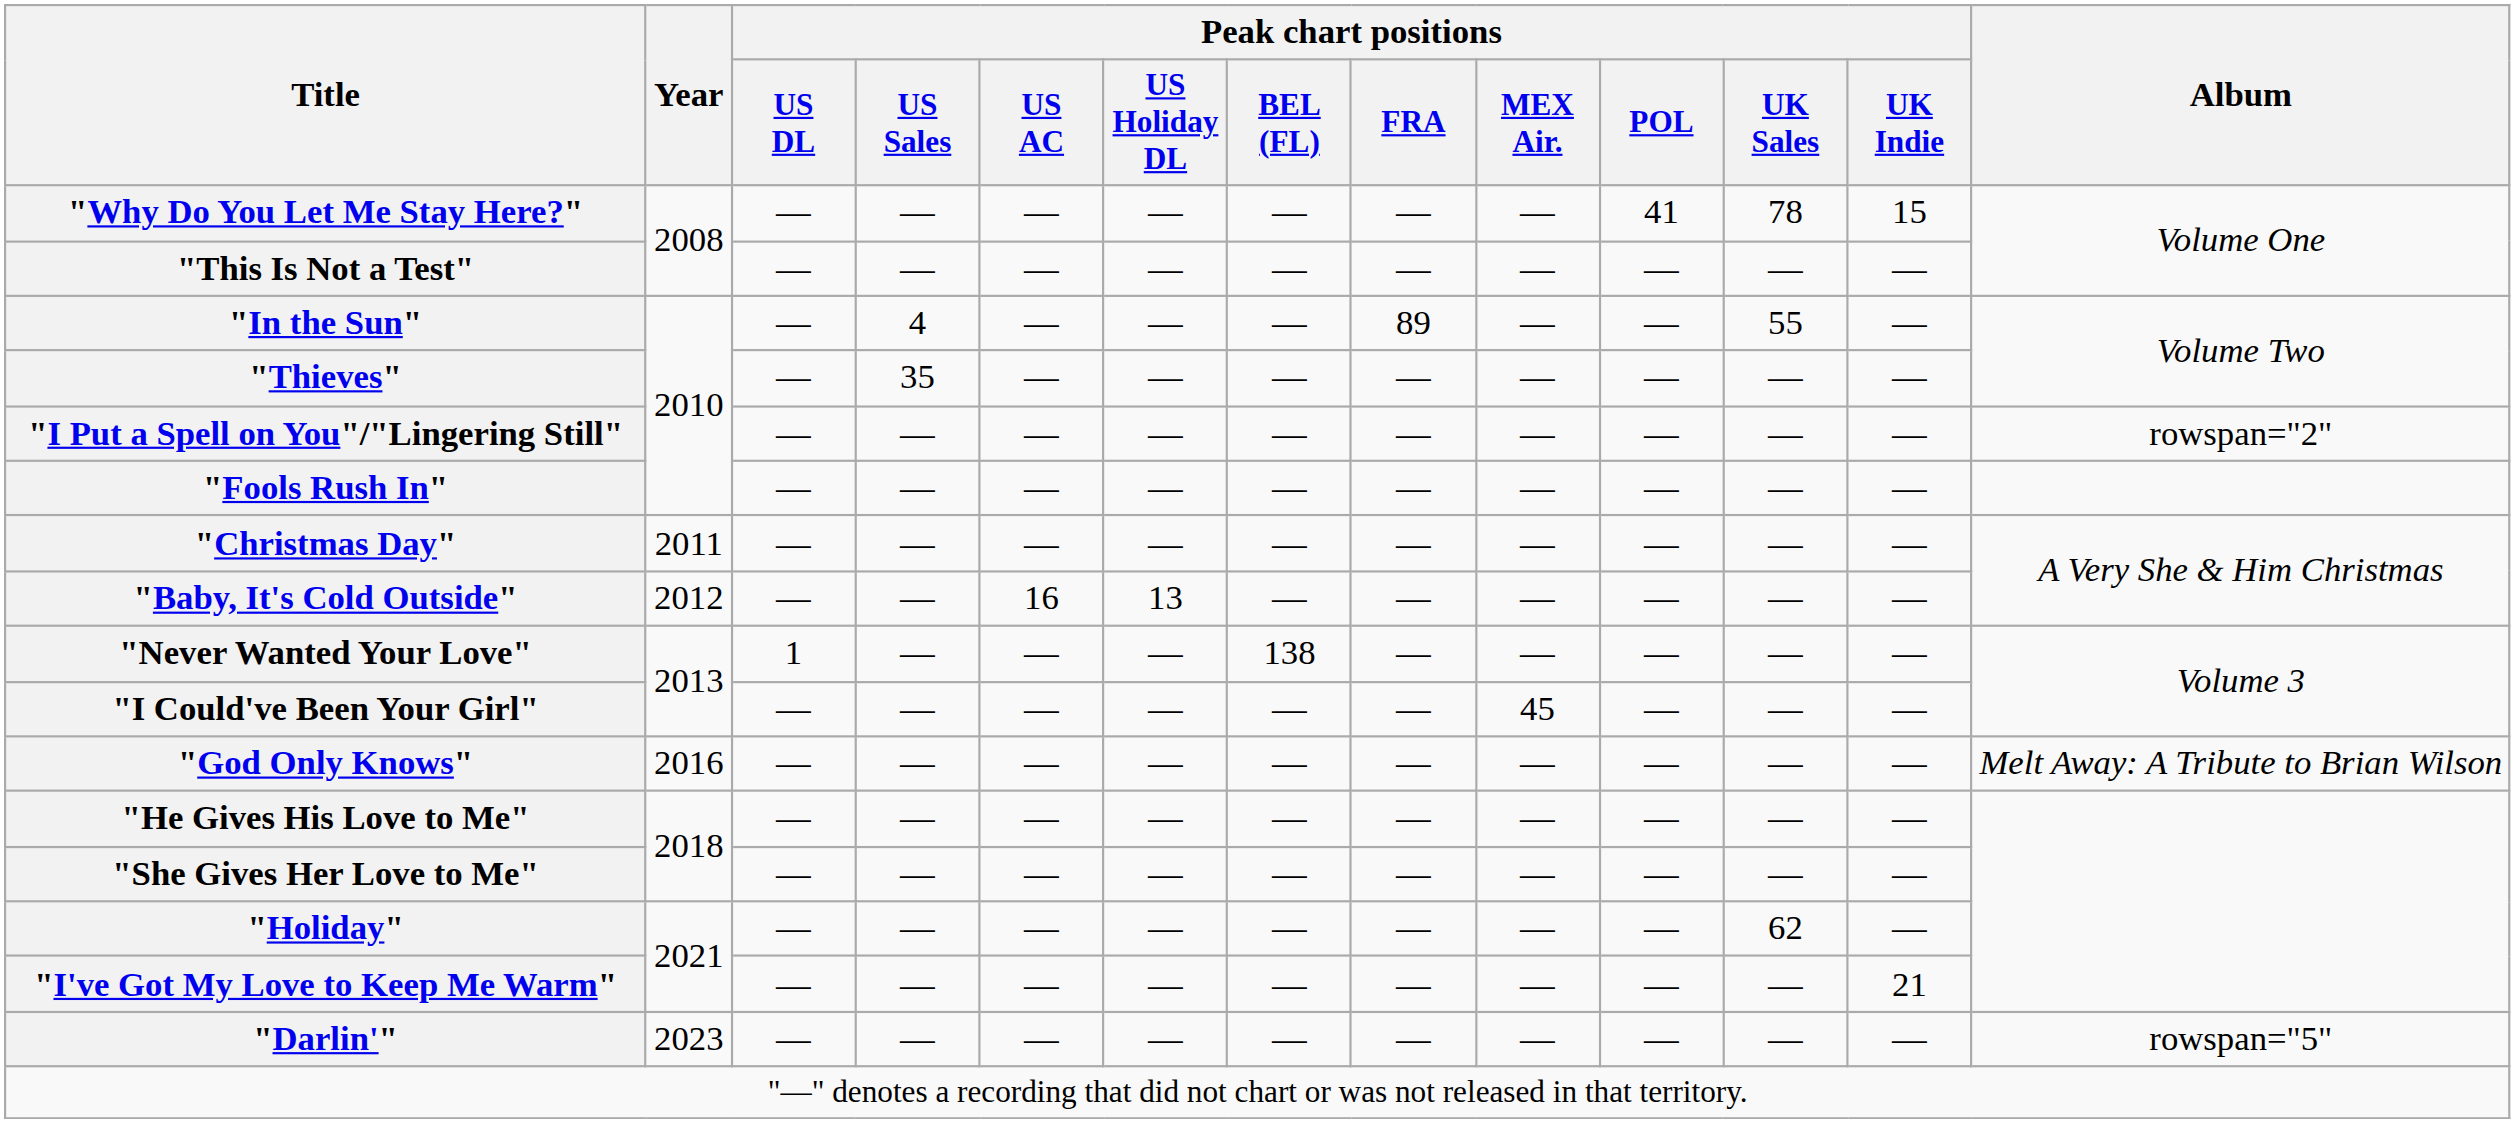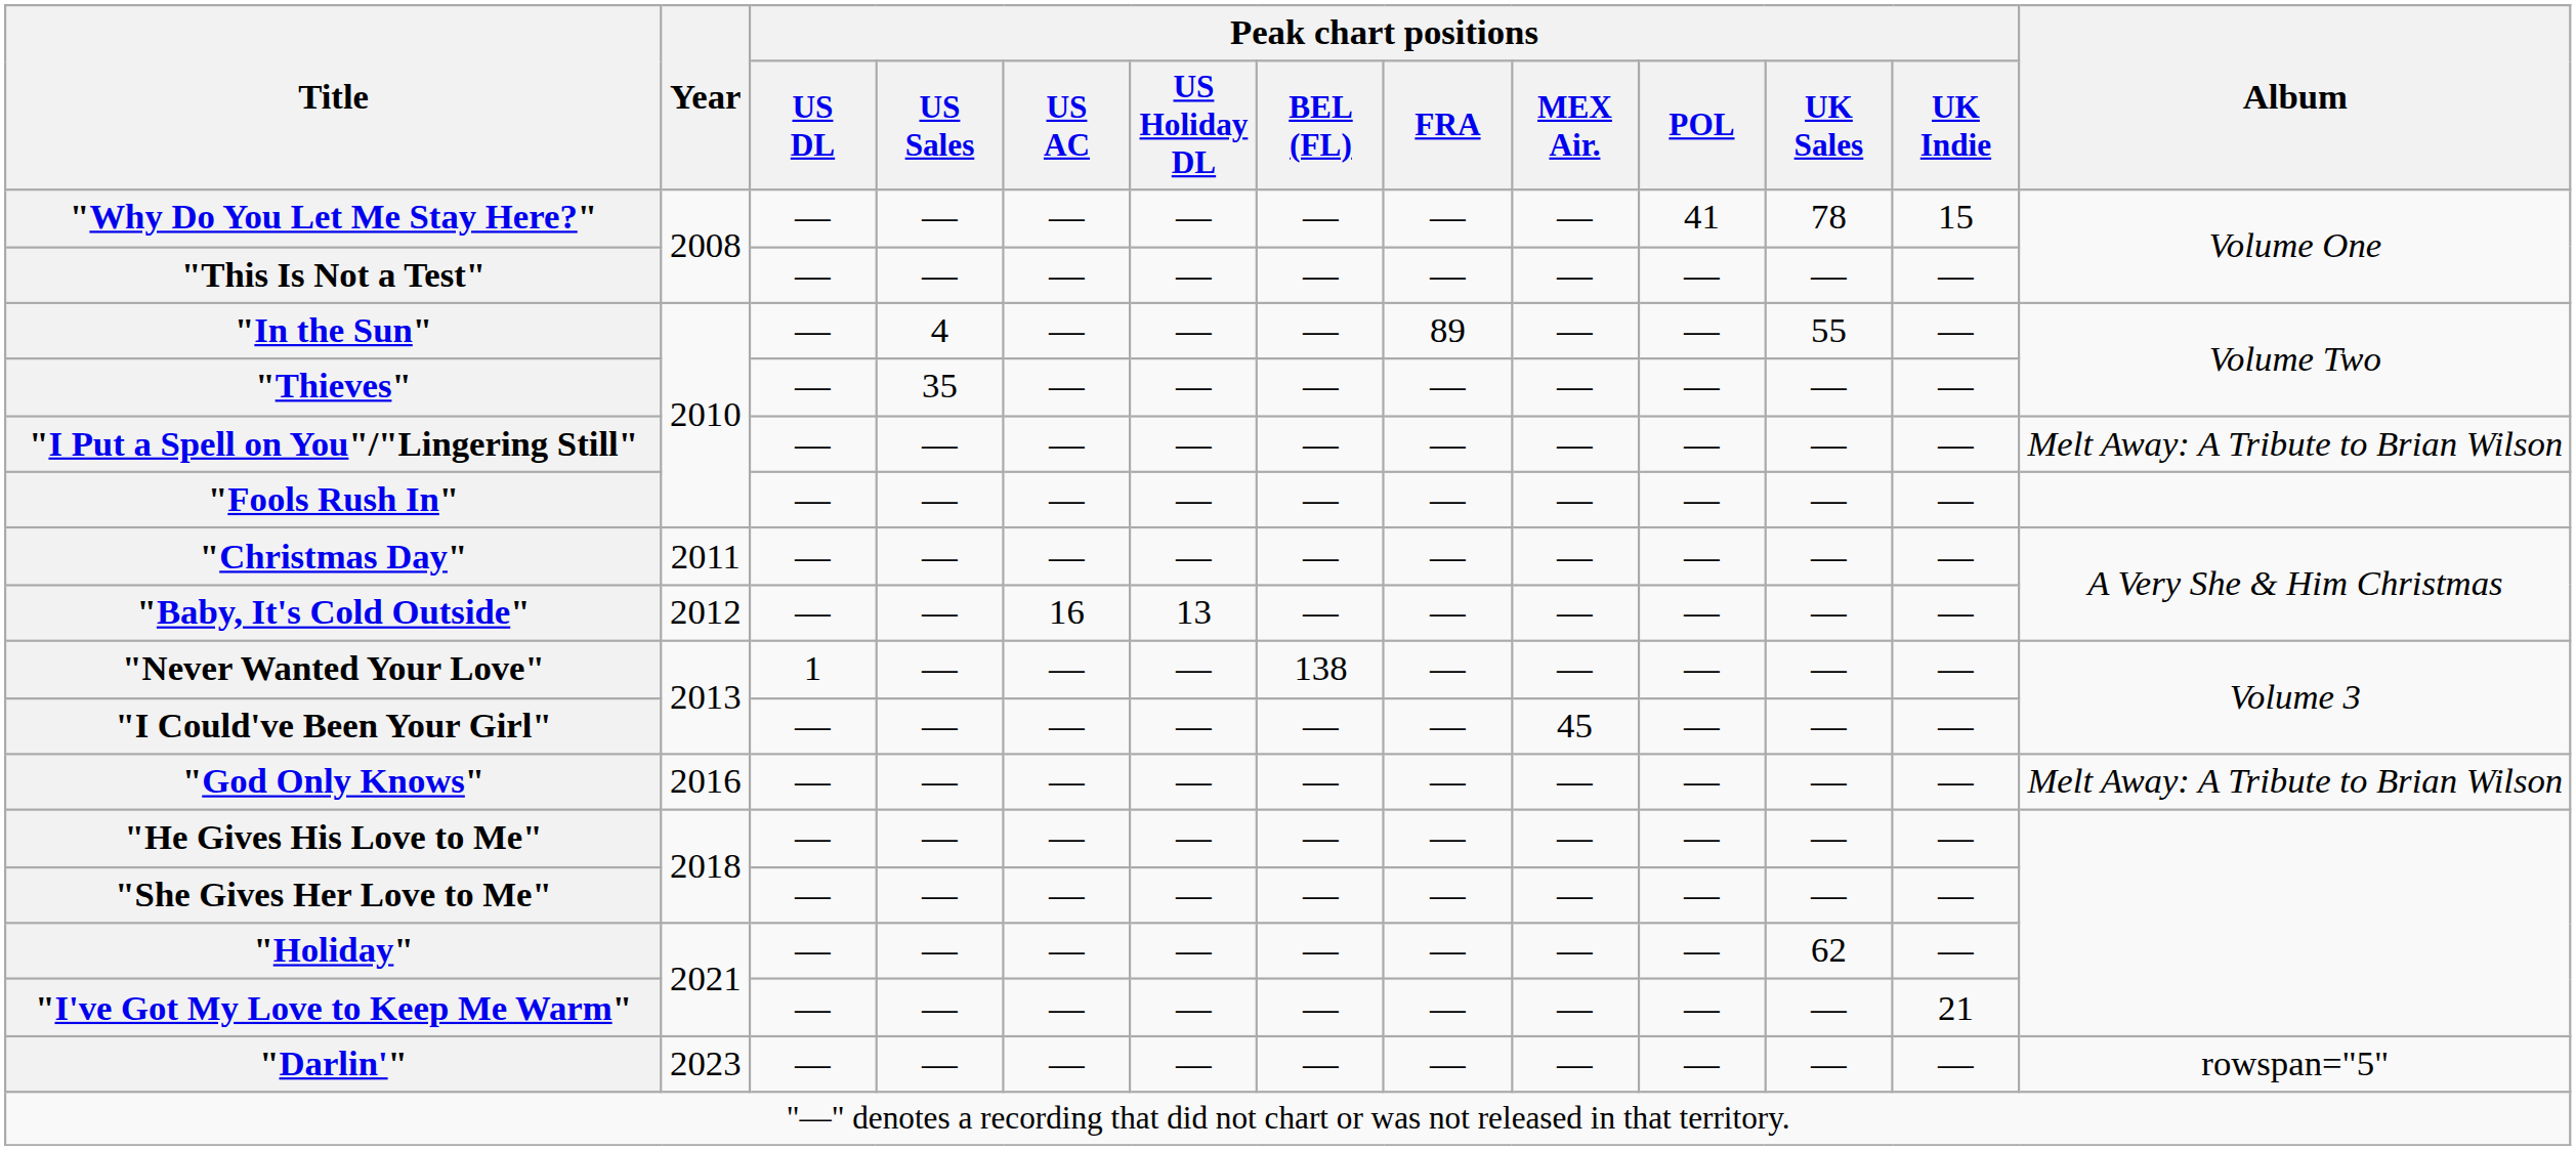 <table class="wikitable plainrowheaders" style="text-align:center;">
 <tr>
 <th scope="col" rowspan="2" style="width:18em;">Title</th>
 <th scope="col" rowspan="2" style="width:1em;">Year</th>
 <th scope="col" colspan="10">Peak chart positions</th>
 <th scope="col" rowspan="2">Album</th>
 </tr>
 <tr>
 <th scope="col" style="width:3.5em;font-size:90%;"><a href='#'>US<br>DL</a><br></th>
 <th scope="col" style="width:3.5em;font-size:90%;"><a href='#'>US<br>Sales</a><br></th>
 <th scope="col" style="width:3.5em;font-size:90%;"><a href='#'>US<br>AC</a><br></th>
 <th scope="col" style="width:3.5em;font-size:90%;"><a href='#'>US<br>Holiday<br>DL</a><br></th>
 <th scope="col" style="width:3.5em;font-size:90%;"><a href='#'>BEL<br>(FL)</a><br></th>
 <th scope="col" style="width:3.5em;font-size:90%;"><a href='#'>FRA</a><br></th>
 <th scope="col" style="width:3.5em;font-size:90%;"><a href='#'>MEX<br>Air.</a><br></th>
 <th scope="col" style="width:3.5em;font-size:90%;"><a href='#'>POL</a><br></th>
 <th scope="col" style="width:3.5em;font-size:90%;"><a href='#'>UK<br>Sales</a><br></th>
 <th scope="col" style="width:3.5em;font-size:90%;"><a href='#'>UK<br>Indie</a><br></th>
 </tr>
 <tr>
 <th scope="row">"<a href='#'>Why Do You Let Me Stay Here?</a>"</th>
 <td rowspan="2">2008</td>
 <td>—</td>
 <td>—</td>
 <td>—</td>
 <td>—</td>
 <td>—</td>
 <td>—</td>
 <td>—</td>
 <td>41</td>
 <td>78</td>
 <td>15</td>
 <td rowspan="2"><em>Volume One</em></td>
 </tr>
 <tr>
 <th scope="row">"This Is Not a Test"</th>
 <td>—</td>
 <td>—</td>
 <td>—</td>
 <td>—</td>
 <td>—</td>
 <td>—</td>
 <td>—</td>
 <td>—</td>
 <td>—</td>
 <td>—</td>
 </tr>
 <tr>
 <th scope="row">"<a href='#'>In the Sun</a>"</th>
 <td rowspan="4">2010</td>
 <td>—</td>
 <td>4</td>
 <td>—</td>
 <td>—</td>
 <td>—</td>
 <td>89</td>
 <td>—</td>
 <td>—</td>
 <td>55</td>
 <td>—</td>
 <td rowspan="2"><em>Volume Two</em></td>
 </tr>
 <tr>
 <th scope="row">"<a href='#'>Thieves</a>"</th>
 <td>—</td>
 <td>35</td>
 <td>—</td>
 <td>—</td>
 <td>—</td>
 <td>—</td>
 <td>—</td>
 <td>—</td>
 <td>—</td>
 <td>—</td>
 </tr>
 <tr>
 <th scope="row">"<a href='#'>I Put a Spell on You</a>"/"Lingering Still"</th>
 <td>—</td>
 <td>—</td>
 <td>—</td>
 <td>—</td>
 <td>—</td>
 <td>—</td>
 <td>—</td>
 <td>—</td>
 <td>—</td>
 <td>—</td>
-<td>rowspan="2"</td>
+<td><em>Melt Away: A Tribute to Brian Wilson</em></td>
 </tr>
 <tr>
 <th scope="row">"<a href='#'>Fools Rush In</a>"</th>
 <td>—</td>
 <td>—</td>
 <td>—</td>
 <td>—</td>
 <td>—</td>
 <td>—</td>
 <td>—</td>
 <td>—</td>
 <td>—</td>
 <td>—</td>
 </tr>
 <tr>
 <th scope="row">"<a href='#'>Christmas Day</a>"</th>
 <td>2011</td>
 <td>—</td>
 <td>—</td>
 <td>—</td>
 <td>—</td>
 <td>—</td>
 <td>—</td>
 <td>—</td>
 <td>—</td>
 <td>—</td>
 <td>—</td>
 <td rowspan="2"><em>A Very She & Him Christmas</em></td>
 </tr>
 <tr>
 <th scope="row">"<a href='#'>Baby, It's Cold Outside</a>"</th>
 <td>2012</td>
 <td>—</td>
 <td>—</td>
 <td>16</td>
 <td>13</td>
 <td>—</td>
 <td>—</td>
 <td>—</td>
 <td>—</td>
 <td>—</td>
 <td>—</td>
 </tr>
 <tr>
 <th scope="row">"Never Wanted Your Love"</th>
 <td rowspan="2">2013</td>
 <td>1</td>
 <td>—</td>
 <td>—</td>
 <td>—</td>
 <td>138</td>
 <td>—</td>
 <td>—</td>
 <td>—</td>
 <td>—</td>
 <td>—</td>
 <td rowspan="2"><em>Volume 3</em></td>
 </tr>
 <tr>
 <th scope="row">"I Could've Been Your Girl"</th>
 <td>—</td>
 <td>—</td>
 <td>—</td>
 <td>—</td>
 <td>—</td>
 <td>—</td>
 <td>45</td>
 <td>—</td>
 <td>—</td>
 <td>—</td>
 </tr>
 <tr>
 <th scope="row">"<a href='#'>God Only Knows</a>"</th>
 <td>2016</td>
 <td>—</td>
 <td>—</td>
 <td>—</td>
 <td>—</td>
 <td>—</td>
 <td>—</td>
 <td>—</td>
 <td>—</td>
 <td>—</td>
 <td>—</td>
 <td><em>Melt Away: A Tribute to Brian Wilson</em></td>
 </tr>
 <tr>
 <th scope="row">"He Gives His Love to Me"</th>
 <td rowspan="2">2018</td>
 <td>—</td>
 <td>—</td>
 <td>—</td>
 <td>—</td>
 <td>—</td>
 <td>—</td>
 <td>—</td>
 <td>—</td>
 <td>—</td>
 <td>—</td>
 </tr>
 <tr>
 <th scope="row">"She Gives Her Love to Me"</th>
 <td>—</td>
 <td>—</td>
 <td>—</td>
 <td>—</td>
 <td>—</td>
 <td>—</td>
 <td>—</td>
 <td>—</td>
 <td>—</td>
 <td>—</td>
 </tr>
 <tr>
 <th scope="row">"<a href='#'>Holiday</a>"</th>
 <td rowspan="2">2021</td>
 <td>—</td>
 <td>—</td>
 <td>—</td>
 <td>—</td>
 <td>—</td>
 <td>—</td>
 <td>—</td>
 <td>—</td>
 <td>62</td>
 <td>—</td>
 </tr>
 <tr>
 <th scope="row">"<a href='#'>I've Got My Love to Keep Me Warm</a>"</th>
 <td>—</td>
 <td>—</td>
 <td>—</td>
 <td>—</td>
 <td>—</td>
 <td>—</td>
 <td>—</td>
 <td>—</td>
 <td>—</td>
 <td>21</td>
 </tr>
 <tr>
 <th scope="row">"<a href='#'>Darlin'</a>"</th>
 <td>2023</td>
 <td>—</td>
 <td>—</td>
 <td>—</td>
 <td>—</td>
 <td>—</td>
 <td>—</td>
 <td>—</td>
 <td>—</td>
 <td>—</td>
 <td>—</td>
 <td>rowspan="5"</td>
 </tr>
 <tr>
 <td colspan="14" style="font-size:90%">"—" denotes a recording that did not chart or was not released in that territory.</td>
 </tr>
 </table>
